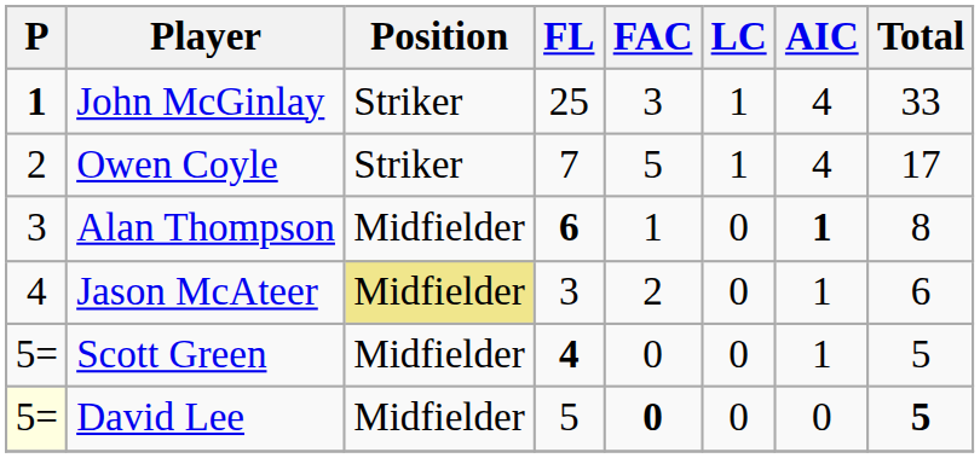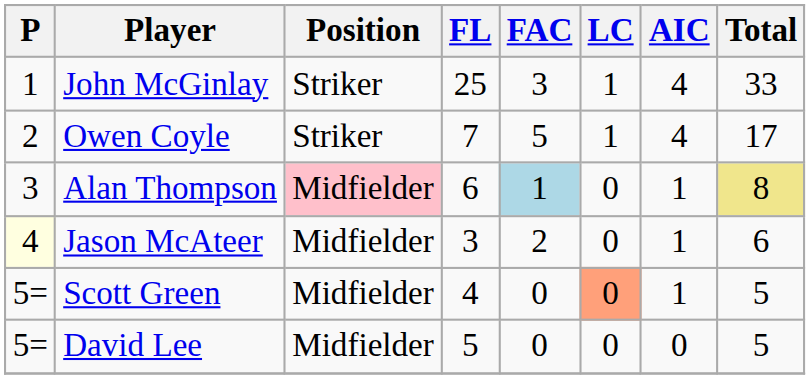 <table class="wikitable sortable">
 <tr>
 <th>P</th>
 <th>Player</th>
 <th>Position</th>
 <th><a href='#'>FL</a></th>
 <th><a href='#'>FAC</a></th>
 <th><a href='#'>LC</a></th>
 <th><a href='#'>AIC</a></th>
 <th>Total</th>
 </tr>
 <tr>
-<td align=center><strong>1</strong></td>
+<td align=center>1</td>
 <td> <a href='#'>John McGinlay</a></td>
 <td>Striker</td>
 <td align=center>25</td>
 <td align=center>3</td>
 <td align=center>1</td>
 <td align=center>4</td>
 <td align=center>33</td>
 </tr>
 <tr>
 <td align=center>2</td>
 <td> <a href='#'>Owen Coyle</a></td>
 <td>Striker</td>
 <td align=center>7</td>
 <td align=center>5</td>
 <td align=center>1</td>
 <td align=center>4</td>
 <td align=center>17</td>
 </tr>
 <tr>
 <td align=center>3</td>
 <td> <a href='#'>Alan Thompson</a></td>
-<td>Midfielder</td>
-<td align=center><strong>6</strong></td>
+<td style="background: pink;">Midfielder</td>
+<td align=center>6</td>
+<td align=center style="background: lightblue;">1</td>
+<td align=center>0</td>
 <td align=center>1</td>
-<td align=center>0</td>
-<td align=center><strong>1</strong></td>
-<td align=center>8</td>
+<td align=center style="background: khaki;">8</td>
 </tr>
 <tr>
-<td align=center>4</td>
+<td align=center style="background: lightyellow;">4</td>
 <td> <a href='#'>Jason McAteer</a></td>
-<td style="background: khaki;">Midfielder</td>
+<td>Midfielder</td>
 <td align=center>3</td>
 <td align=center>2</td>
 <td align=center>0</td>
 <td align=center>1</td>
 <td align=center>6</td>
 </tr>
 <tr>
 <td align=center>5=</td>
 <td> <a href='#'>Scott Green</a></td>
 <td>Midfielder</td>
-<td align=center><strong>4</strong></td>
+<td align=center>4</td>
 <td align=center>0</td>
-<td align=center>0</td>
+<td align=center style="background: lightsalmon;">0</td>
 <td align=center>1</td>
 <td align=center>5</td>
 </tr>
 <tr>
-<td align=center style="background: lightyellow;">5=</td>
+<td align=center>5=</td>
 <td> <a href='#'>David Lee</a></td>
 <td>Midfielder</td>
 <td align=center>5</td>
-<td align=center><strong>0</strong></td>
 <td align=center>0</td>
 <td align=center>0</td>
-<td align=center><strong>5</strong></td>
+<td align=center>0</td>
+<td align=center>5</td>
 </tr>
 <tr>
 </tr>
 </table>
